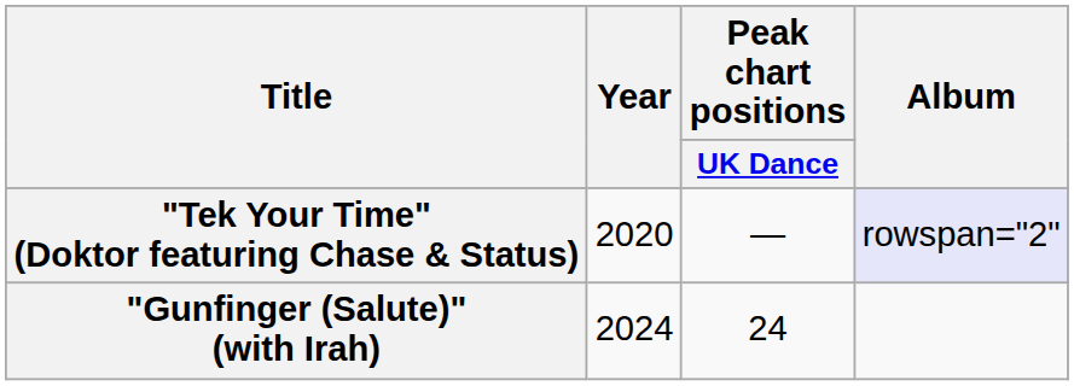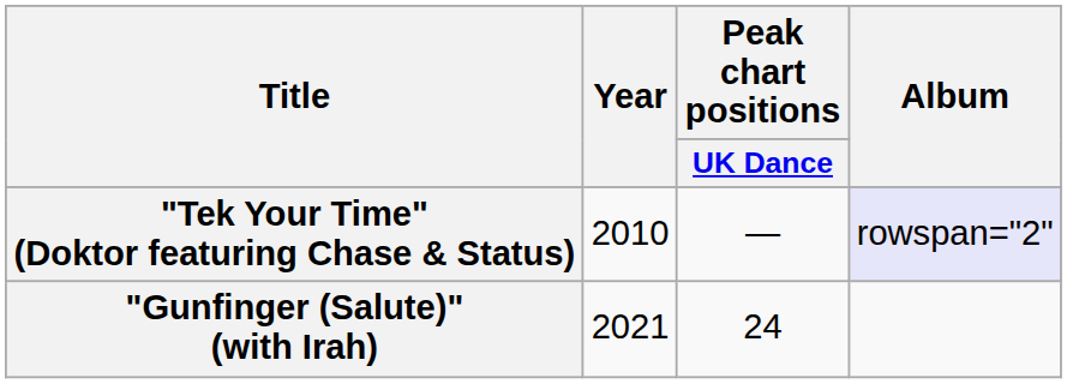 <table class="wikitable plainrowheaders" style="text-align:center;">
 <tr>
 <th scope="col" rowspan="2">Title</th>
 <th scope="col" rowspan="2">Year</th>
 <th scope="col" colspan="1">Peak chart positions</th>
 <th scope="col" rowspan="2">Album</th>
 </tr>
 <tr>
 <th scope="col" style="width:3em;font-size:85%;"><a href='#'>UK Dance</a><br></th>
 </tr>
 <tr>
 <th scope="row">"Tek Your Time"<br><span>(Doktor featuring Chase & Status)</span></th>
-<td>2020</td>
+<td>2010</td>
 <td>—</td>
 <td style="background: lavender;">rowspan="2" </td>
 </tr>
 <tr>
 <th scope="row">"Gunfinger (Salute)"<br><span>(with Irah)</span></th>
-<td>2024</td>
+<td>2021</td>
 <td>24</td>
 </tr>
 </table>
